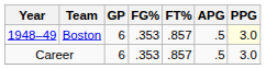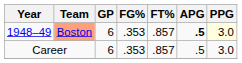 <table class="wikitable sortable" style="font-size:95%; text-align:right;">
 <tr>
 <th>Year</th>
 <th>Team</th>
 <th>GP</th>
 <th>FG%</th>
 <th>FT%</th>
 <th>APG</th>
 <th>PPG</th>
 </tr>
 <tr>
 <td style="text-align:left;"><a href='#'>1948–49</a></td>
-<td style="text-align:left;"><a href='#'>Boston</a></td>
+<td style="background: lightsalmon; text-align:left;"><a href='#'>Boston</a></td>
 <td>6</td>
 <td>.353</td>
 <td>.857</td>
-<td>.5</td>
+<td><strong>.5</strong></td>
 <td style="background: lightyellow;">3.0</td>
 </tr>
 <tr>
 <td style="text-align:center;" colspan="2">Career</td>
 <td>6</td>
 <td>.353</td>
 <td>.857</td>
 <td>.5</td>
 <td>3.0</td>
 </tr>
 <tr>
 </tr>
 </table>
